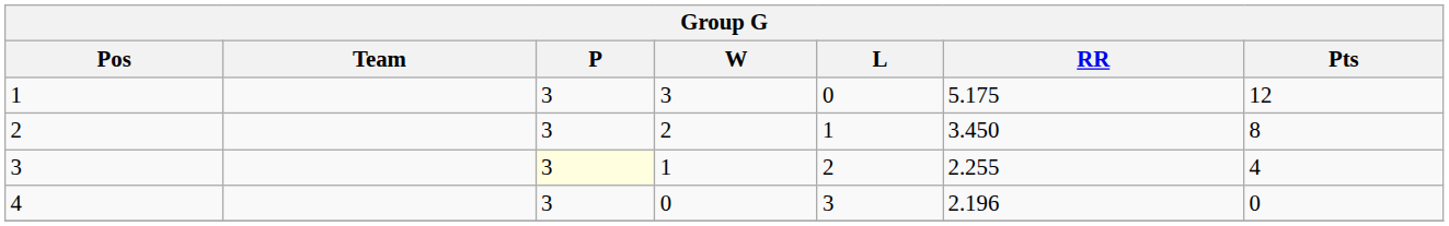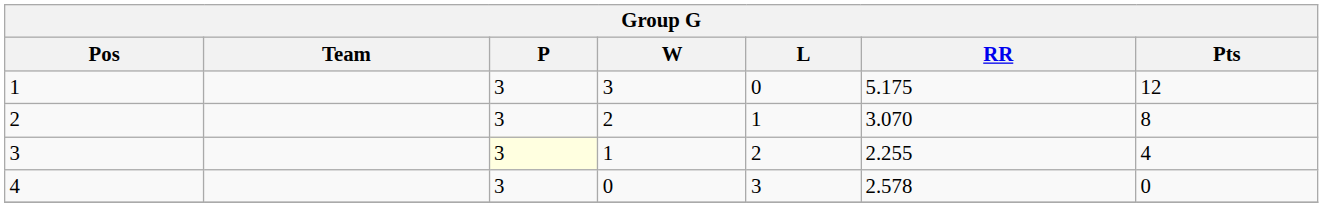 <table class="wikitable" width="80%">
 <tr bgcolor="#efefef">
 <th colspan=7>Group G</th>
 </tr>
 <tr bgcolor="#efefef">
 <th>Pos</th>
 <th>Team</th>
 <th>P</th>
 <th>W</th>
 <th>L</th>
 <th><a href='#'>RR</a></th>
 <th>Pts</th>
 </tr>
 <tr>
 <td>1</td>
 <td></td>
 <td>3</td>
 <td>3</td>
 <td>0</td>
 <td>5.175</td>
 <td>12</td>
 </tr>
 <tr>
 <td>2</td>
 <td></td>
 <td>3</td>
 <td>2</td>
 <td>1</td>
-<td>3.450</td>
+<td>3.070</td>
 <td>8</td>
 </tr>
 <tr>
 <td>3</td>
 <td></td>
 <td style="background: lightyellow;">3</td>
 <td>1</td>
 <td>2</td>
 <td>2.255</td>
 <td>4</td>
 </tr>
 <tr>
 <td>4</td>
 <td></td>
 <td>3</td>
 <td>0</td>
 <td>3</td>
-<td>2.196</td>
+<td>2.578</td>
 <td>0</td>
 </tr>
 <tr>
 </tr>
 </table>
